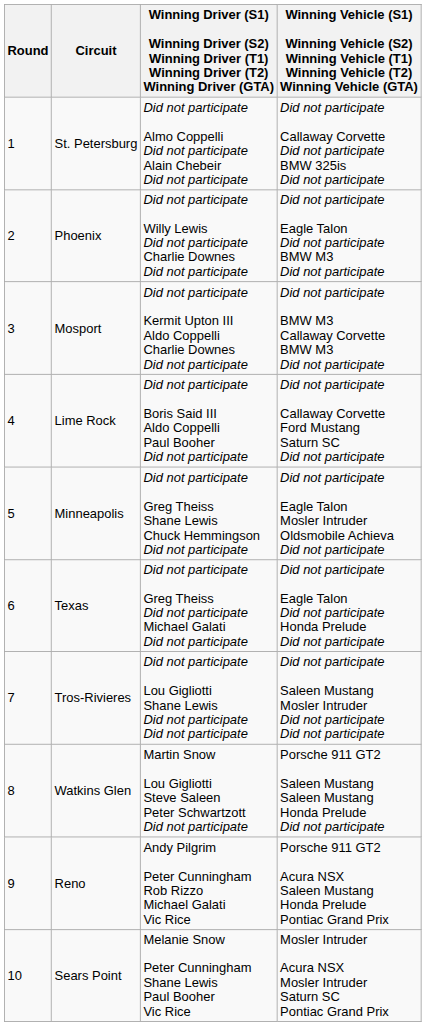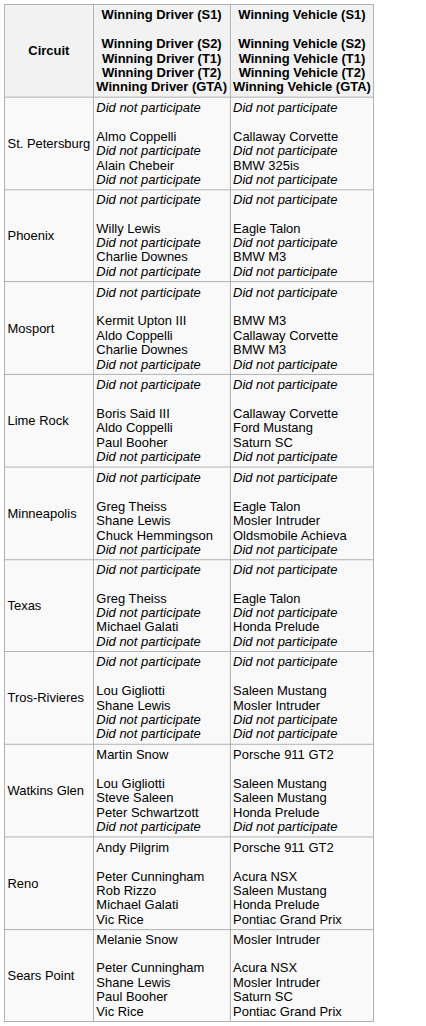 <table class="wikitable" style="font-size: 90%;">
 <tr>
-<th>Round</th>
 <th>Circuit</th>
 <th>Winning Driver (S1)<br><br>Winning Driver (S2)<br> Winning Driver (T1)<br> Winning Driver (T2)<br> Winning Driver (GTA)<br></th>
 <th>Winning Vehicle (S1)<br><br>Winning Vehicle (S2)<br> Winning Vehicle (T1)<br> Winning Vehicle (T2)<br> Winning Vehicle (GTA)<br></th>
 </tr>
 <tr>
-<td>1</td>
 <td>St. Petersburg</td>
 <td><em>Did not participate</em><br><br>Almo Coppelli<br> <em>Did not participate</em><br> Alain Chebeir<br> <em>Did not participate</em><br></td>
 <td><em>Did not participate</em><br><br>Callaway Corvette<br> <em>Did not participate</em><br> BMW 325is<br> <em>Did not participate</em><br></td>
 </tr>
 <tr>
-<td>2</td>
 <td>Phoenix</td>
 <td><em>Did not participate</em><br><br>Willy Lewis<br> <em>Did not participate</em><br> Charlie Downes<br> <em>Did not participate</em><br></td>
 <td><em>Did not participate</em><br><br>Eagle Talon<br> <em>Did not participate</em><br> BMW M3<br> <em>Did not participate</em><br></td>
 </tr>
 <tr>
-<td>3</td>
 <td>Mosport</td>
 <td><em>Did not participate</em><br><br>Kermit Upton III<br> Aldo Coppelli<br> Charlie Downes<br> <em>Did not participate</em><br></td>
 <td><em>Did not participate</em><br><br>BMW M3<br> Callaway Corvette<br> BMW M3<br> <em>Did not participate</em><br></td>
 </tr>
 <tr>
-<td>4</td>
 <td>Lime Rock</td>
 <td><em>Did not participate</em><br><br> Boris Said III<br> Aldo Coppelli<br>  Paul Booher<br> <em>Did not participate</em><br></td>
 <td><em>Did not participate</em><br><br>Callaway Corvette<br> Ford Mustang<br> Saturn SC<br> <em>Did not participate</em><br></td>
 </tr>
 <tr>
-<td>5</td>
 <td>Minneapolis</td>
 <td><em>Did not participate</em><br><br>Greg Theiss<br> Shane Lewis<br> Chuck Hemmingson<br> <em>Did not participate</em><br></td>
 <td><em>Did not participate</em><br><br>Eagle Talon<br> Mosler Intruder<br> Oldsmobile Achieva<br> <em>Did not participate</em><br></td>
 </tr>
 <tr>
-<td>6</td>
 <td>Texas</td>
 <td><em>Did not participate</em><br><br>Greg Theiss<br> <em>Did not participate</em><br> Michael Galati<br> <em>Did not participate</em><br></td>
 <td><em>Did not participate</em><br><br>Eagle Talon<br> <em>Did not participate</em><br> Honda Prelude<br> <em>Did not participate</em><br></td>
 </tr>
 <tr>
-<td>7</td>
 <td>Tros-Rivieres</td>
 <td><em>Did not participate</em><br><br>Lou Gigliotti<br> Shane Lewis<br> <em>Did not participate</em><br> <em>Did not participate</em><br></td>
 <td><em>Did not participate</em><br><br>Saleen Mustang<br> Mosler Intruder<br> <em>Did not participate</em><br> <em>Did not participate</em><br></td>
 </tr>
 <tr>
-<td>8</td>
 <td>Watkins Glen</td>
 <td>Martin Snow<br><br>Lou Gigliotti<br> Steve Saleen<br> Peter Schwartzott<br> <em>Did not participate</em><br></td>
 <td>Porsche 911 GT2<br><br>Saleen Mustang<br> Saleen Mustang<br> Honda Prelude<br> <em>Did not participate</em><br></td>
 </tr>
 <tr>
-<td>9</td>
 <td>Reno</td>
 <td>Andy Pilgrim<br><br>Peter Cunningham<br> Rob Rizzo<br> Michael Galati<br> Vic Rice<br></td>
 <td>Porsche 911 GT2<br><br>Acura NSX<br> Saleen Mustang<br> Honda Prelude<br> Pontiac Grand Prix<br></td>
 </tr>
 <tr>
-<td>10</td>
 <td>Sears Point</td>
 <td>Melanie Snow<br><br>Peter Cunningham<br> Shane Lewis<br> Paul Booher<br> Vic Rice<br></td>
 <td>Mosler Intruder<br><br>Acura NSX<br> Mosler Intruder<br> Saturn SC<br> Pontiac Grand Prix<br></td>
 </tr>
 </table>
